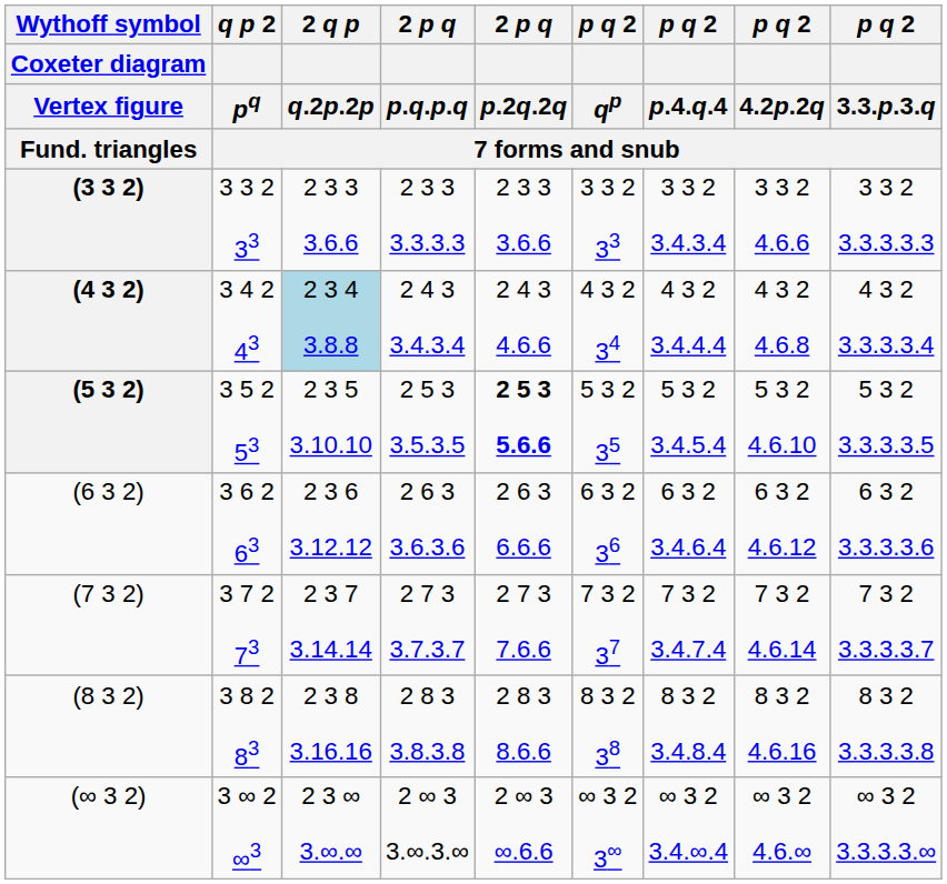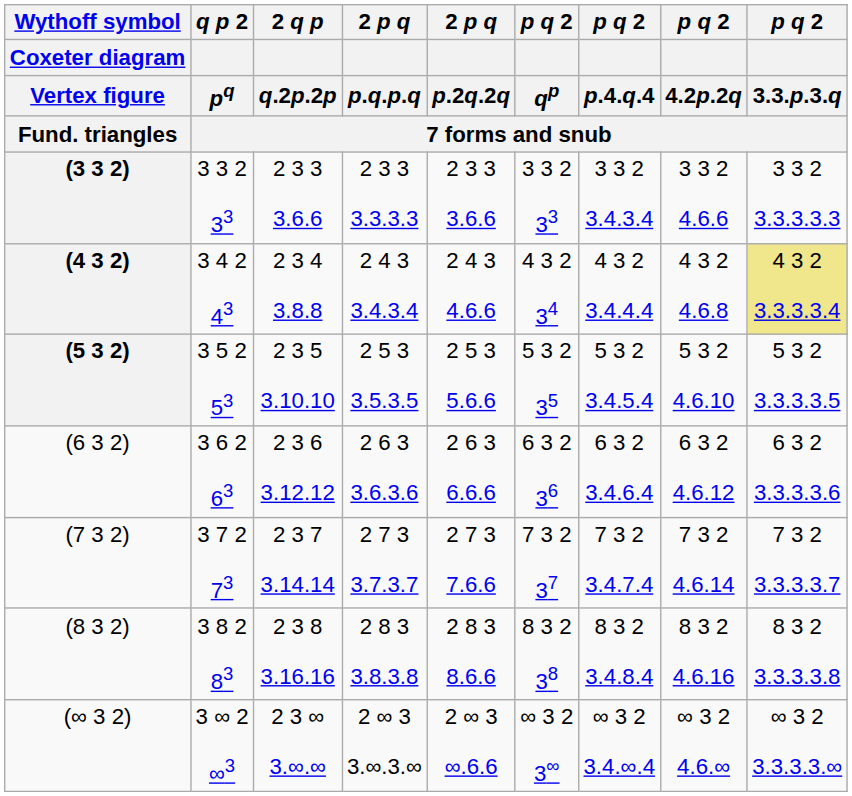 <table class="wikitable">
 <tr>
 <th><a href='#'>Wythoff symbol</a></th>
 <th><em>q</em>  <em>p</em> 2</th>
 <th>2 <em>q</em>  <em>p</em></th>
 <th>2  <em>p</em> <em>q</em></th>
 <th>2 <em>p</em>  <em>q</em></th>
 <th><em>p</em>  <em>q</em> 2</th>
 <th><em>p</em> <em>q</em>  2</th>
 <th><em>p</em> <em>q</em> 2 </th>
 <th> <em>p</em> <em>q</em> 2</th>
 </tr>
 <tr>
 <th><a href='#'>Coxeter diagram</a></th>
 <th></th>
 <th></th>
 <th></th>
 <th></th>
 <th></th>
 <th></th>
 <th></th>
 <th></th>
 </tr>
 <tr>
 <th><a href='#'>Vertex figure</a></th>
 <th><em>p</em><sup><em>q</em></sup></th>
 <th><em>q</em>.2<em>p</em>.2<em>p</em></th>
 <th><em>p</em>.<em>q</em>.<em>p</em>.<em>q</em></th>
 <th><em>p</em>.2<em>q</em>.2<em>q</em></th>
 <th><em>q</em><sup><em>p</em></sup></th>
 <th><em>p</em>.4.<em>q</em>.4</th>
 <th>4.2<em>p</em>.2<em>q</em></th>
 <th>3.3.<em>p</em>.3.<em>q</em></th>
 </tr>
 <tr>
 <th>Fund. triangles</th>
 <th colspan=8>7 forms and snub</th>
 </tr>
 <tr valign=top  align=center>
 <th>(3 3 2)<br></th>
 <td>3  3 2<br><br><a href='#'>3<sup>3</sup></a></td>
 <td>2 3  3<br><br><a href='#'>3.6.6</a></td>
 <td>2  3 3<br><br><a href='#'>3.3.3.3</a></td>
 <td>2 3  3<br><br><a href='#'>3.6.6</a></td>
 <td>3  3 2<br><br><a href='#'>3<sup>3</sup></a></td>
 <td>3 3  2<br><br><a href='#'>3.4.3.4</a></td>
 <td>3 3 2 <br><br><a href='#'>4.6.6</a></td>
 <td> 3 3 2<br><br><a href='#'>3.3.3.3.3</a></td>
 </tr>
 <tr valign=top  align=center>
 <th>(4 3 2)<br></th>
 <td>3  4 2<br><br><a href='#'>4<sup>3</sup></a></td>
-<td style="background: lightblue;">2 3  4<br><br><a href='#'>3.8.8</a></td>
+<td>2 3  4<br><br><a href='#'>3.8.8</a></td>
 <td>2  4 3<br><br><a href='#'>3.4.3.4</a></td>
 <td>2 4  3<br><br><a href='#'>4.6.6</a></td>
 <td>4  3 2<br><br><a href='#'>3<sup>4</sup></a></td>
 <td>4 3  2<br><br><a href='#'>3.4.4.4</a></td>
 <td>4 3 2 <br><br><a href='#'>4.6.8</a></td>
-<td> 4 3 2<br><br><a href='#'>3.3.3.3.4</a></td>
+<td style="background: khaki;"> 4 3 2<br><br><a href='#'>3.3.3.3.4</a></td>
 </tr>
 <tr valign=top  align=center>
 <th>(5 3 2)<br></th>
 <td>3  5 2<br><br><a href='#'>5<sup>3</sup></a></td>
 <td>2 3  5<br><br><a href='#'>3.10.10</a></td>
 <td>2  5 3<br><br><a href='#'>3.5.3.5</a></td>
-<td><strong>2 5  3<br><br><a href='#'>5.6.6</a></strong></td>
+<td>2 5  3<br><br><a href='#'>5.6.6</a></td>
 <td>5  3 2<br><br><a href='#'>3<sup>5</sup></a></td>
 <td>5 3  2<br><br><a href='#'>3.4.5.4</a></td>
 <td>5 3 2 <br><br><a href='#'>4.6.10</a></td>
 <td> 5 3 2<br><br><a href='#'>3.3.3.3.5</a></td>
 </tr>
 <tr valign=top  align=center>
 <td>(6 3 2)<br></td>
 <td>3  6 2<br><br><a href='#'>6<sup>3</sup></a></td>
 <td>2 3  6<br><br><a href='#'>3.12.12</a></td>
 <td>2  6 3<br><br><a href='#'>3.6.3.6</a></td>
 <td>2 6  3<br><br><a href='#'>6.6.6</a></td>
 <td>6  3 2<br><br><a href='#'>3<sup>6</sup></a></td>
 <td>6 3  2<br><br><a href='#'>3.4.6.4</a></td>
 <td>6 3 2 <br><br><a href='#'>4.6.12</a></td>
 <td> 6 3 2<br><br><a href='#'>3.3.3.3.6</a></td>
 </tr>
 <tr valign=top align=center>
 <td>(7 3 2)<br></td>
 <td>3  7 2<br><br><a href='#'>7<sup>3</sup></a></td>
 <td>2 3  7<br><br><a href='#'>3.14.14</a></td>
 <td>2  7 3<br><br><a href='#'>3.7.3.7</a></td>
 <td>2 7  3<br><br><a href='#'>7.6.6</a></td>
 <td>7  3 2<br><br><a href='#'>3<sup>7</sup></a></td>
 <td>7 3  2<br><br><a href='#'>3.4.7.4</a></td>
 <td>7 3 2 <br><br><a href='#'>4.6.14</a></td>
 <td> 7 3 2<br><br><a href='#'>3.3.3.3.7</a></td>
 </tr>
 <tr valign=top align=center>
 <td>(8 3 2)<br></td>
 <td>3  8 2<br><br><a href='#'>8<sup>3</sup></a></td>
 <td>2 3  8<br><br><a href='#'>3.16.16</a></td>
 <td>2  8 3<br><br><a href='#'>3.8.3.8</a></td>
 <td>2 8  3<br><br><a href='#'>8.6.6</a></td>
 <td>8  3 2<br><br><a href='#'>3<sup>8</sup></a></td>
 <td>8 3  2<br><br><a href='#'>3.4.8.4</a></td>
 <td>8 3 2 <br><br><a href='#'>4.6.16</a></td>
 <td> 8 3 2<br><br><a href='#'>3.3.3.3.8</a></td>
 </tr>
 <tr valign=top align=center>
 <td>(∞ 3 2)<br></td>
 <td>3  ∞ 2<br><br><a href='#'>∞<sup>3</sup></a></td>
 <td>2 3  ∞<br><br><a href='#'>3.∞.∞</a></td>
 <td>2  ∞ 3<br><br>3.∞.3.∞</td>
 <td>2 ∞  3<br><br><a href='#'>∞.6.6</a></td>
 <td>∞  3 2<br><br><a href='#'>3<sup>∞</sup></a></td>
 <td>∞ 3  2<br><br><a href='#'>3.4.∞.4</a></td>
 <td>∞ 3 2 <br><br><a href='#'>4.6.∞</a></td>
 <td> ∞ 3 2<br><br><a href='#'>3.3.3.3.∞</a></td>
 </tr>
 </table>
